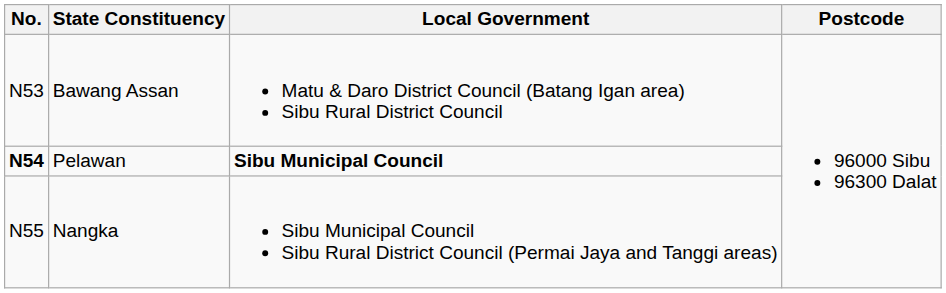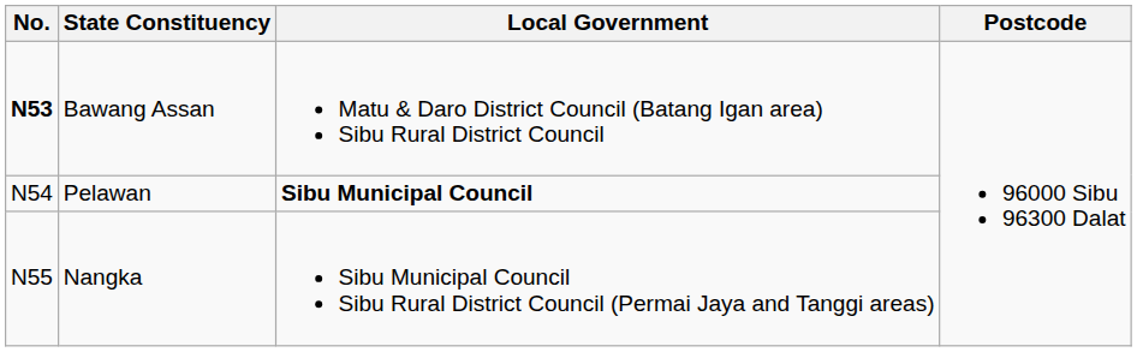 <table class="wikitable">
 <tr>
 <th>No.</th>
 <th>State Constituency</th>
 <th>Local Government</th>
 <th>Postcode</th>
 </tr>
 <tr>
-<td>N53</td>
+<td><strong>N53</strong></td>
 <td>Bawang Assan</td>
 <td><br><ul><li>Matu & Daro District Council (Batang Igan area)</li><li>Sibu Rural District Council</li></ul></td>
 <td rowspan="3"><br><ul><li>96000 Sibu</li><li>96300 Dalat</li></ul></td>
 </tr>
 <tr>
-<td><strong>N54</strong></td>
+<td>N54</td>
 <td>Pelawan</td>
 <td><strong>Sibu Municipal Council</strong></td>
 </tr>
 <tr>
 <td>N55</td>
 <td>Nangka</td>
 <td><br><ul><li>Sibu Municipal Council</li><li>Sibu Rural District Council (Permai Jaya and Tanggi areas)</li></ul></td>
 </tr>
 </table>
